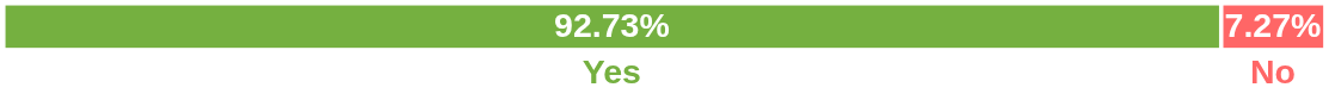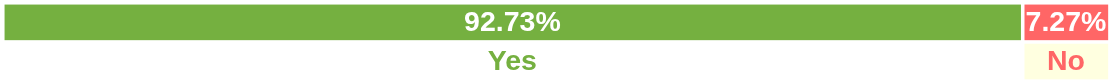 <table style="width:100%; font-weight:bold; text-align:center">
 <tr style="color:white;">
 <td style="background:#75B040; width:92.73%; ">92.73%</td>
 <td style="background:#f66; width:7.27%; ">7.27%</td>
 </tr>
 <tr>
 <td style="color:#75B040;">Yes</td>
-<td style="color:#f66;">No</td>
+<td style="background: lightyellow; color:#f66;">No</td>
 </tr>
 </table>
